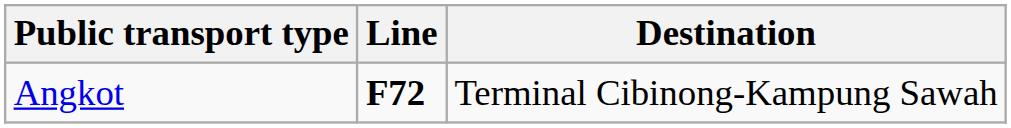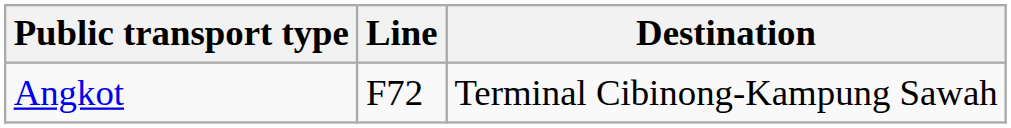 <table class="wikitable">
 <tr>
 <th>Public transport type</th>
 <th>Line</th>
 <th>Destination</th>
 </tr>
 <tr>
 <td rowspan="4"><a href='#'>Angkot</a></td>
-<td><strong>F72</strong></td>
+<td>F72</td>
 <td>Terminal Cibinong-Kampung Sawah</td>
 </tr>
 </table>
